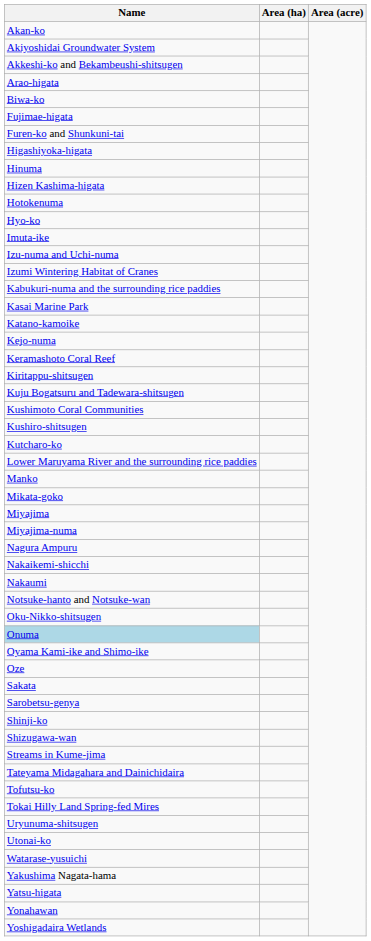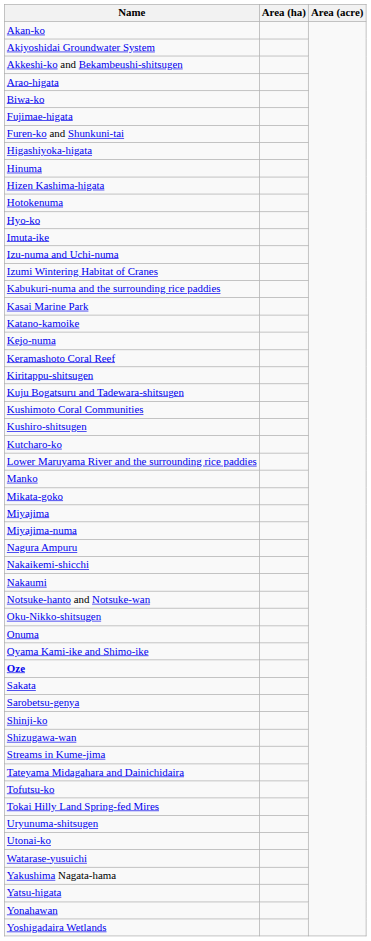 <table class="wikitable sortable">
 <tr>
 <th scope="col" align=left>Name</th>
 <th scope="col">Area (ha)</th>
 <th scope="col">Area (acre)</th>
 </tr>
 <tr ---->
 <td><a href='#'>Akan-ko</a></td>
 <td></td>
 </tr>
 <tr ---->
 <td><a href='#'>Akiyoshidai Groundwater System</a></td>
 <td></td>
 </tr>
 <tr ---->
 <td><a href='#'>Akkeshi-ko</a> and <a href='#'>Bekambeushi-shitsugen</a></td>
 <td></td>
 </tr>
 <tr ---->
 <td><a href='#'>Arao-higata</a></td>
 <td></td>
 </tr>
 <tr ---->
 <td><a href='#'>Biwa-ko</a></td>
 <td></td>
 </tr>
 <tr ---->
 <td><a href='#'>Fujimae-higata</a></td>
 <td></td>
 </tr>
 <tr ---->
 <td><a href='#'>Furen-ko</a> and <a href='#'>Shunkuni-tai</a></td>
 <td></td>
 </tr>
 <tr ---->
 <td><a href='#'>Higashiyoka-higata</a></td>
 <td></td>
 </tr>
 <tr ---->
 <td><a href='#'>Hinuma</a></td>
 <td></td>
 </tr>
 <tr ---->
 <td><a href='#'>Hizen Kashima-higata</a></td>
 <td></td>
 </tr>
 <tr ---->
 <td><a href='#'>Hotokenuma</a></td>
 <td></td>
 </tr>
 <tr ---->
 <td><a href='#'>Hyo-ko</a></td>
 <td></td>
 </tr>
 <tr ---->
 <td><a href='#'>Imuta-ike</a></td>
 <td></td>
 </tr>
 <tr ---->
 <td><a href='#'>Izu-numa and Uchi-numa</a></td>
 <td></td>
 </tr>
 <tr ---->
 <td><a href='#'>Izumi Wintering Habitat of Cranes</a></td>
 <td></td>
 </tr>
 <tr ---->
 <td><a href='#'>Kabukuri-numa and the surrounding rice paddies</a></td>
 <td></td>
 </tr>
 <tr ---->
 <td><a href='#'>Kasai Marine Park</a></td>
 <td></td>
 </tr>
 <tr ---->
 <td><a href='#'>Katano-kamoike</a></td>
 <td></td>
 </tr>
 <tr ---->
 <td><a href='#'>Kejo-numa</a></td>
 <td></td>
 </tr>
 <tr ---->
 <td><a href='#'>Keramashoto Coral Reef</a></td>
 <td></td>
 </tr>
 <tr ---->
 <td><a href='#'>Kiritappu-shitsugen</a></td>
 <td></td>
 </tr>
 <tr ---->
 <td><a href='#'>Kuju Bogatsuru and Tadewara-shitsugen</a></td>
 <td></td>
 </tr>
 <tr ---->
 <td><a href='#'>Kushimoto Coral Communities</a></td>
 <td></td>
 </tr>
 <tr ---->
 <td><a href='#'>Kushiro-shitsugen</a></td>
 <td></td>
 </tr>
 <tr ---->
 <td><a href='#'>Kutcharo-ko</a></td>
 <td></td>
 </tr>
 <tr ---->
 <td><a href='#'>Lower Maruyama River and the surrounding rice paddies</a></td>
 <td></td>
 </tr>
 <tr ---->
 <td><a href='#'>Manko</a></td>
 <td></td>
 </tr>
 <tr ---->
 <td><a href='#'>Mikata-goko</a></td>
 <td></td>
 </tr>
 <tr ---->
 <td><a href='#'>Miyajima</a></td>
 <td></td>
 </tr>
 <tr ---->
 <td><a href='#'>Miyajima-numa</a></td>
 <td></td>
 </tr>
 <tr ---->
 <td><a href='#'>Nagura Ampuru</a></td>
 <td></td>
 </tr>
 <tr ---->
 <td><a href='#'>Nakaikemi-shicchi</a></td>
 <td></td>
 </tr>
 <tr ---->
 <td><a href='#'>Nakaumi</a></td>
 <td></td>
 </tr>
 <tr ---->
 <td><a href='#'>Notsuke-hanto</a> and <a href='#'>Notsuke-wan</a></td>
 <td></td>
 </tr>
 <tr ---->
 <td><a href='#'>Oku-Nikko-shitsugen</a></td>
 <td></td>
 </tr>
 <tr ---->
-<td style="background: lightblue;"><a href='#'>Onuma</a></td>
+<td><a href='#'>Onuma</a></td>
 <td></td>
 </tr>
 <tr ---->
 <td><a href='#'>Oyama Kami-ike and Shimo-ike</a></td>
 <td></td>
 </tr>
 <tr ---->
-<td><a href='#'>Oze</a></td>
+<td><strong><a href='#'>Oze</a></strong></td>
 <td></td>
 </tr>
 <tr ---->
 <td><a href='#'>Sakata</a></td>
 <td></td>
 </tr>
 <tr ---->
 <td><a href='#'>Sarobetsu-genya</a></td>
 <td></td>
 </tr>
 <tr ---->
 <td><a href='#'>Shinji-ko</a></td>
 <td></td>
 </tr>
 <tr ---->
 <td><a href='#'>Shizugawa-wan</a></td>
 <td></td>
 </tr>
 <tr ---->
 <td><a href='#'>Streams in Kume-jima</a></td>
 <td></td>
 </tr>
 <tr ---->
 <td><a href='#'>Tateyama Midagahara and Dainichidaira</a></td>
 <td></td>
 </tr>
 <tr ---->
 <td><a href='#'>Tofutsu-ko</a></td>
 <td></td>
 </tr>
 <tr ---->
 <td><a href='#'>Tokai Hilly Land Spring-fed Mires</a></td>
 <td></td>
 </tr>
 <tr ---->
 <td><a href='#'>Uryunuma-shitsugen</a></td>
 <td></td>
 </tr>
 <tr ---->
 <td><a href='#'>Utonai-ko</a></td>
 <td></td>
 </tr>
 <tr ---->
 <td><a href='#'>Watarase-yusuichi</a></td>
 <td></td>
 </tr>
 <tr ---->
 <td><a href='#'>Yakushima</a> Nagata-hama</td>
 <td></td>
 </tr>
 <tr ---->
 <td><a href='#'>Yatsu-higata</a></td>
 <td></td>
 </tr>
 <tr ---->
 <td><a href='#'>Yonahawan</a></td>
 <td></td>
 </tr>
 <tr ---->
 <td><a href='#'>Yoshigadaira Wetlands</a></td>
 <td></td>
 </tr>
 </table>
